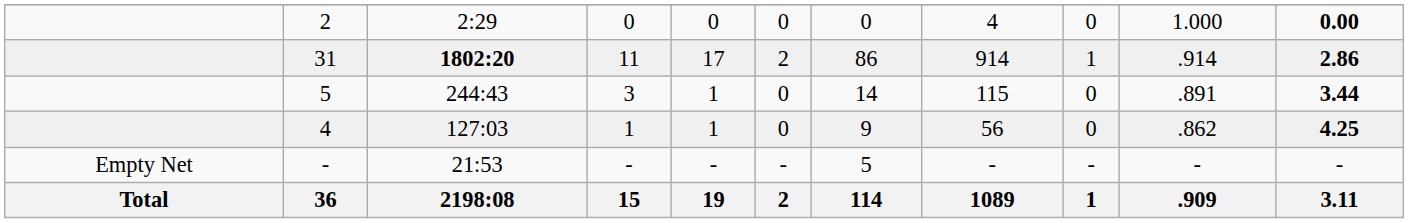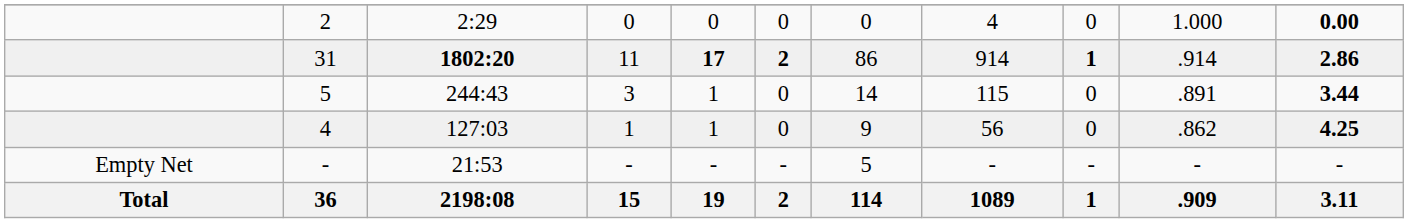 <table class="wikitable sortable" width ="1000">
 <tr align="center">
 </tr>
 <tr align="center" bgcolor="">
 <td></td>
 <td>2</td>
 <td>2:29</td>
 <td>0</td>
 <td>0</td>
 <td>0</td>
 <td>0</td>
 <td>4</td>
 <td>0</td>
 <td>1.000</td>
 <td><strong>0.00</strong></td>
 </tr>
 <tr align="center" bgcolor="f0f0f0">
 <td></td>
 <td>31</td>
 <td><strong>1802:20</strong></td>
 <td>11</td>
-<td>17</td>
-<td>2</td>
+<td><strong>17</strong></td>
+<td><strong>2</strong></td>
 <td>86</td>
 <td>914</td>
-<td>1</td>
+<td><strong>1</strong></td>
 <td>.914</td>
 <td><strong>2.86</strong></td>
 </tr>
 <tr align="center" bgcolor="">
 <td></td>
 <td>5</td>
 <td>244:43</td>
 <td>3</td>
 <td>1</td>
 <td>0</td>
 <td>14</td>
 <td>115</td>
 <td>0</td>
 <td>.891</td>
 <td><strong>3.44</strong></td>
 </tr>
 <tr align="center" bgcolor="f0f0f0">
 <td></td>
 <td>4</td>
 <td>127:03</td>
 <td>1</td>
 <td>1</td>
 <td>0</td>
 <td>9</td>
 <td>56</td>
 <td>0</td>
 <td>.862</td>
 <td><strong>4.25</strong></td>
 </tr>
 <tr align="center" bgcolor="">
 <td>Empty Net</td>
 <td>-</td>
 <td>21:53</td>
 <td>-</td>
 <td>-</td>
 <td>-</td>
 <td>5</td>
 <td>-</td>
 <td>-</td>
 <td>-</td>
 <td>-</td>
 </tr>
 <tr>
 <th>Total</th>
 <th>36</th>
 <th>2198:08</th>
 <th>15</th>
 <th>19</th>
 <th>2</th>
 <th>114</th>
 <th>1089</th>
 <th>1</th>
 <th>.909</th>
 <th>3.11</th>
 </tr>
 </table>
